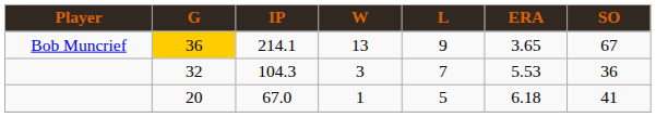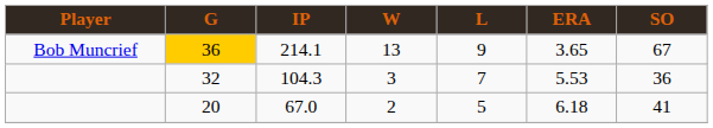 <table class="wikitable sortable">
 <tr>
 <th style="background:#312821;color:#de6108;" width="16%">Player</th>
 <th style="background:#312821;color:#de6108;" width="9%">G</th>
 <th style="background:#312821;color:#de6108;" width="9%">IP</th>
 <th style="background:#312821;color:#de6108;" width="9%">W</th>
 <th style="background:#312821;color:#de6108;" width="9%">L</th>
 <th style="background:#312821;color:#de6108;" width="9%">ERA</th>
 <th style="background:#312821;color:#de6108;" width="9%">SO</th>
 </tr>
 <tr align="center">
 <td><a href='#'>Bob Muncrief</a></td>
 <td style="background:#fc0;">36</td>
 <td>214.1</td>
 <td>13</td>
 <td>9</td>
 <td>3.65</td>
 <td>67</td>
 </tr>
 <tr align="center">
 <td></td>
 <td>32</td>
 <td>104.3</td>
 <td>3</td>
 <td>7</td>
 <td>5.53</td>
 <td>36</td>
 </tr>
 <tr align="center">
 <td></td>
 <td>20</td>
 <td>67.0</td>
-<td>1</td>
+<td>2</td>
 <td>5</td>
 <td>6.18</td>
 <td>41</td>
 </tr>
 <tr align="center">
 </tr>
 </table>
